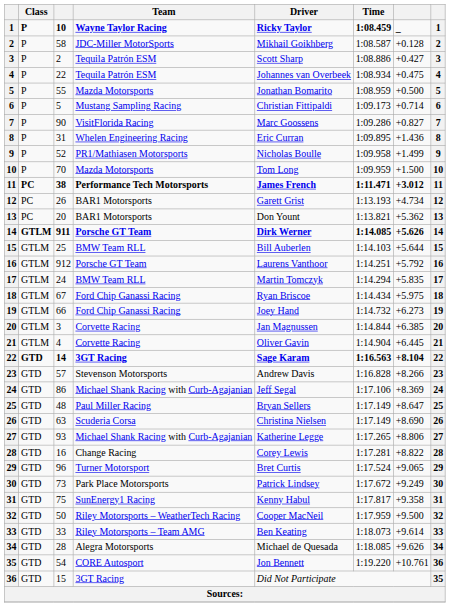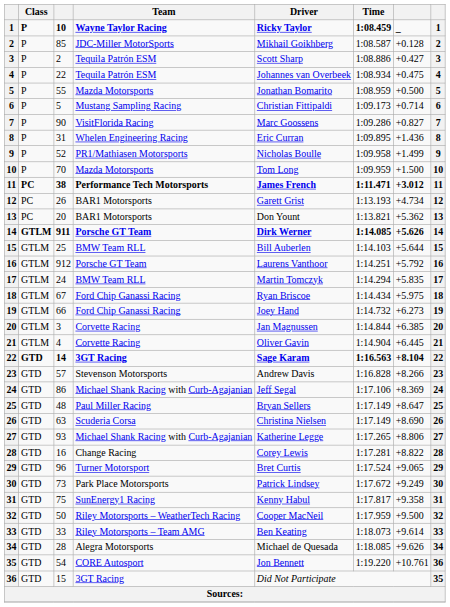 <table class="wikitable">
 <tr>
 <th scope="col"></th>
 <th scope="col">Class</th>
 <th scope="col"></th>
 <th scope="col">Team</th>
 <th scope="col">Driver</th>
 <th scope="col">Time</th>
 <th scope="col"></th>
 <th scope="col"></th>
 </tr>
 <tr style="font-weight:bold">
 <th>1</th>
 <td>P</td>
 <td>10</td>
 <td> <a href='#'>Wayne Taylor Racing</a></td>
 <td> <a href='#'>Ricky Taylor</a></td>
 <td>1:08.459</td>
 <td><strong>_</strong></td>
 <th>1</th>
 </tr>
 <tr>
 <th>2</th>
 <td>P</td>
-<td>58</td>
+<td>85</td>
 <td> <a href='#'>JDC-Miller MotorSports</a></td>
 <td> <a href='#'>Mikhail Goikhberg</a></td>
 <td>1:08.587</td>
 <td>+0.128</td>
 <th>2</th>
 </tr>
 <tr>
 <th>3</th>
 <td>P</td>
 <td>2</td>
 <td> <a href='#'>Tequila Patrón ESM</a></td>
 <td> <a href='#'>Scott Sharp</a></td>
 <td>1:08.886</td>
 <td>+0.427</td>
 <th>3</th>
 </tr>
 <tr>
 <th>4</th>
 <td>P</td>
 <td>22</td>
 <td> <a href='#'>Tequila Patrón ESM</a></td>
 <td> <a href='#'>Johannes van Overbeek</a></td>
 <td>1:08.934</td>
 <td>+0.475</td>
 <th>4</th>
 </tr>
 <tr>
 <th>5</th>
 <td>P</td>
 <td>55</td>
 <td> <a href='#'>Mazda Motorsports</a></td>
 <td> <a href='#'>Jonathan Bomarito</a></td>
 <td>1:08.959</td>
 <td>+0.500</td>
 <th>5</th>
 </tr>
 <tr>
 <th>6</th>
 <td>P</td>
 <td>5</td>
 <td> <a href='#'>Mustang Sampling Racing</a></td>
 <td> <a href='#'>Christian Fittipaldi</a></td>
 <td>1:09.173</td>
 <td>+0.714</td>
 <th>6</th>
 </tr>
 <tr>
 <th>7</th>
 <td>P</td>
 <td>90</td>
 <td> <a href='#'>VisitFlorida Racing</a></td>
 <td> <a href='#'>Marc Goossens</a></td>
 <td>1:09.286</td>
 <td>+0.827</td>
 <th>7</th>
 </tr>
 <tr>
 <th>8</th>
 <td>P</td>
 <td>31</td>
 <td> <a href='#'>Whelen Engineering Racing</a></td>
 <td> <a href='#'>Eric Curran</a></td>
 <td>1:09.895</td>
 <td>+1.436</td>
 <th>8</th>
 </tr>
 <tr>
 <th>9</th>
 <td>P</td>
 <td>52</td>
 <td> <a href='#'>PR1/Mathiasen Motorsports</a></td>
 <td> <a href='#'>Nicholas Boulle</a></td>
 <td>1:09.958</td>
 <td>+1.499</td>
 <th>9</th>
 </tr>
 <tr>
 <th>10</th>
 <td>P</td>
 <td>70</td>
 <td> <a href='#'>Mazda Motorsports</a></td>
 <td> <a href='#'>Tom Long</a></td>
 <td>1:09.959</td>
 <td>+1.500</td>
 <th>10</th>
 </tr>
 <tr style="font-weight:bold">
 <th>11</th>
 <td>PC</td>
 <td>38</td>
 <td><strong> Performance Tech Motorsports</strong></td>
 <td><strong> <a href='#'>James French</a></strong></td>
 <td>1:11.471</td>
 <td>+3.012</td>
 <th>11</th>
 </tr>
 <tr>
 <th>12</th>
 <td>PC</td>
 <td>26</td>
 <td> BAR1 Motorsports</td>
 <td> <a href='#'>Garett Grist</a></td>
 <td>1:13.193</td>
 <td>+4.734</td>
 <th>12</th>
 </tr>
 <tr>
 <th>13</th>
 <td>PC</td>
 <td>20</td>
 <td> BAR1 Motorsports</td>
 <td> Don Yount</td>
 <td>1:13.821</td>
 <td>+5.362</td>
 <th>13</th>
 </tr>
 <tr style="font-weight:bold">
 <th>14</th>
 <td>GTLM</td>
 <td>911</td>
 <td> <a href='#'>Porsche GT Team</a></td>
 <td> <a href='#'>Dirk Werner</a></td>
 <td>1:14.085</td>
 <td>+5.626</td>
 <th>14</th>
 </tr>
 <tr>
 <th>15</th>
 <td>GTLM</td>
 <td>25</td>
 <td> <a href='#'>BMW Team RLL</a></td>
 <td> <a href='#'>Bill Auberlen</a></td>
 <td>1:14.103</td>
 <td>+5.644</td>
 <th>15</th>
 </tr>
 <tr>
 <th>16</th>
 <td>GTLM</td>
 <td>912</td>
 <td> <a href='#'>Porsche GT Team</a></td>
 <td> <a href='#'>Laurens Vanthoor</a></td>
 <td>1:14.251</td>
 <td>+5.792</td>
 <th>16</th>
 </tr>
 <tr>
 <th>17</th>
 <td>GTLM</td>
 <td>24</td>
 <td> <a href='#'>BMW Team RLL</a></td>
 <td> <a href='#'>Martin Tomczyk</a></td>
 <td>1:14.294</td>
 <td>+5.835</td>
 <th>17</th>
 </tr>
 <tr>
 <th>18</th>
 <td>GTLM</td>
 <td>67</td>
 <td> <a href='#'>Ford Chip Ganassi Racing</a></td>
 <td> <a href='#'>Ryan Briscoe</a></td>
 <td>1:14.434</td>
 <td>+5.975</td>
 <th>18</th>
 </tr>
 <tr>
 <th>19</th>
 <td>GTLM</td>
 <td>66</td>
 <td> <a href='#'>Ford Chip Ganassi Racing</a></td>
 <td> <a href='#'>Joey Hand</a></td>
 <td>1:14.732</td>
 <td>+6.273</td>
 <th>19</th>
 </tr>
 <tr>
 <th>20</th>
 <td>GTLM</td>
 <td>3</td>
 <td> <a href='#'>Corvette Racing</a></td>
 <td> <a href='#'>Jan Magnussen</a></td>
 <td>1:14.844</td>
 <td>+6.385</td>
 <th>20</th>
 </tr>
 <tr>
 <th>21</th>
 <td>GTLM</td>
 <td>4</td>
 <td> <a href='#'>Corvette Racing</a></td>
 <td> <a href='#'>Oliver Gavin</a></td>
 <td>1:14.904</td>
 <td>+6.445</td>
 <th>21</th>
 </tr>
 <tr style="font-weight:bold">
 <th>22</th>
 <td>GTD</td>
 <td>14</td>
 <td> <a href='#'>3GT Racing</a></td>
 <td> <a href='#'>Sage Karam</a></td>
 <td>1:16.563</td>
 <td>+8.104</td>
 <th>22</th>
 </tr>
 <tr>
 <th>23</th>
 <td>GTD</td>
 <td>57</td>
 <td> Stevenson Motorsports</td>
 <td> Andrew Davis</td>
 <td>1:16.828</td>
 <td>+8.266</td>
 <th>23</th>
 </tr>
 <tr>
 <th>24</th>
 <td>GTD</td>
 <td>86</td>
 <td> <a href='#'>Michael Shank Racing</a> with <a href='#'>Curb-Agajanian</a></td>
 <td> <a href='#'>Jeff Segal</a></td>
 <td>1:17.106</td>
 <td>+8.369</td>
 <th>24</th>
 </tr>
 <tr>
 <th>25</th>
 <td>GTD</td>
 <td>48</td>
 <td> <a href='#'>Paul Miller Racing</a></td>
 <td> <a href='#'>Bryan Sellers</a></td>
 <td>1:17.149</td>
 <td>+8.647</td>
 <th>25</th>
 </tr>
 <tr>
 <th>26</th>
 <td>GTD</td>
 <td>63</td>
 <td> <a href='#'>Scuderia Corsa</a></td>
 <td> <a href='#'>Christina Nielsen</a></td>
 <td>1:17.149</td>
 <td>+8.690</td>
 <th>26</th>
 </tr>
 <tr>
 <th>27</th>
 <td>GTD</td>
 <td>93</td>
 <td> <a href='#'>Michael Shank Racing</a> with <a href='#'>Curb-Agajanian</a></td>
 <td> <a href='#'>Katherine Legge</a></td>
 <td>1:17.265</td>
 <td>+8.806</td>
 <th>27</th>
 </tr>
 <tr>
 <th>28</th>
 <td>GTD</td>
 <td>16</td>
 <td> Change Racing</td>
 <td> <a href='#'>Corey Lewis</a></td>
 <td>1:17.281</td>
 <td>+8.822</td>
 <th>28</th>
 </tr>
 <tr>
 <th>29</th>
 <td>GTD</td>
 <td>96</td>
 <td> <a href='#'>Turner Motorsport</a></td>
 <td> <a href='#'>Bret Curtis</a></td>
 <td>1:17.524</td>
 <td>+9.065</td>
 <th>29</th>
 </tr>
 <tr>
 <th>30</th>
 <td>GTD</td>
 <td>73</td>
 <td> Park Place Motorsports</td>
 <td> <a href='#'>Patrick Lindsey</a></td>
 <td>1:17.672</td>
 <td>+9.249</td>
 <th>30</th>
 </tr>
 <tr>
 <th>31</th>
 <td>GTD</td>
 <td>75</td>
 <td> <a href='#'>SunEnergy1 Racing</a></td>
 <td> <a href='#'>Kenny Habul</a></td>
 <td>1:17.817</td>
 <td>+9.358</td>
 <th>31</th>
 </tr>
 <tr>
 <th>32</th>
 <td>GTD</td>
 <td>50</td>
 <td> <a href='#'>Riley Motorsports – WeatherTech Racing</a></td>
 <td> <a href='#'>Cooper MacNeil</a></td>
 <td>1:17.959</td>
 <td>+9.500</td>
 <th>32</th>
 </tr>
 <tr>
 <th>33</th>
 <td>GTD</td>
 <td>33</td>
 <td> <a href='#'>Riley Motorsports – Team AMG</a></td>
 <td> <a href='#'>Ben Keating</a></td>
 <td>1:18.073</td>
 <td>+9.614</td>
 <th>33</th>
 </tr>
 <tr>
 <th>34</th>
 <td>GTD</td>
 <td>28</td>
 <td> Alegra Motorsports</td>
 <td> Michael de Quesada</td>
 <td>1:18.085</td>
 <td>+9.626</td>
 <th>34</th>
 </tr>
 <tr>
 <th>35</th>
 <td>GTD</td>
 <td>54</td>
 <td> <a href='#'>CORE Autosport</a></td>
 <td> <a href='#'>Jon Bennett</a></td>
 <td>1:19.220</td>
 <td>+10.761</td>
 <th>36</th>
 </tr>
 <tr>
 <th>36</th>
 <td>GTD</td>
 <td>15</td>
 <td> <a href='#'>3GT Racing</a></td>
 <td colspan="3"><em>Did Not Participate</em></td>
 <th>35</th>
 </tr>
 <tr>
 <th colspan="8">Sources:</th>
 </tr>
 <tr>
 </tr>
 </table>
